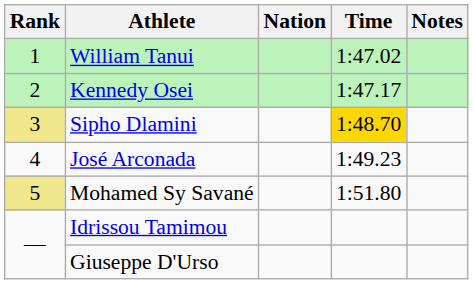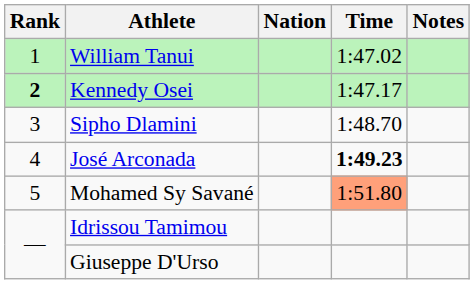 <table class="wikitable sortable" style="text-align:center">
 <tr>
 <th>Rank</th>
 <th>Athlete</th>
 <th>Nation</th>
 <th>Time</th>
 <th>Notes</th>
 </tr>
 <tr style="background:#bbf3bb;">
 <td>1</td>
 <td align=left><a href='#'>William Tanui</a></td>
 <td align=left></td>
 <td>1:47.02</td>
 <td></td>
 </tr>
 <tr style="background:#bbf3bb;">
-<td>2</td>
+<td><strong>2</strong></td>
 <td align=left><a href='#'>Kennedy Osei</a></td>
 <td align=left></td>
 <td>1:47.17</td>
 <td></td>
 </tr>
 <tr>
-<td style="background: khaki;">3</td>
+<td>3</td>
 <td align=left><a href='#'>Sipho Dlamini</a></td>
 <td align=left></td>
-<td style="background: gold;">1:48.70</td>
+<td>1:48.70</td>
 <td></td>
 </tr>
 <tr>
 <td>4</td>
 <td align=left><a href='#'>José Arconada</a></td>
 <td align=left></td>
-<td>1:49.23</td>
+<td><strong>1:49.23</strong></td>
 <td></td>
 </tr>
 <tr>
-<td style="background: khaki;">5</td>
+<td>5</td>
 <td align=left>Mohamed Sy Savané</td>
 <td align=left></td>
-<td>1:51.80</td>
+<td style="background: lightsalmon;">1:51.80</td>
 <td></td>
 </tr>
 <tr>
 <td rowspan=2 data-sort-value=6>—</td>
 <td align=left><a href='#'>Idrissou Tamimou</a></td>
 <td align=left></td>
 <td></td>
 <td></td>
 </tr>
 <tr>
 <td align=left>Giuseppe D'Urso</td>
 <td align="left"></td>
 <td></td>
 <td></td>
 </tr>
 </table>
